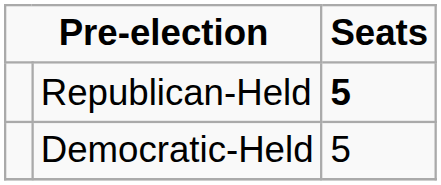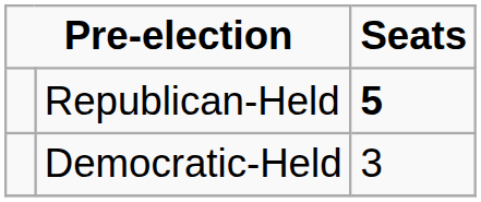 <table class= "wikitable">
 <tr>
 <td colspan= "2" rowspan= "1" align= "center" valign= "top"><strong>Pre-election</strong></td>
 <td valign= "top"><strong>Seats</strong><br></td>
 </tr>
 <tr>
 <td style="background-color:"> </td>
 <td>Republican-Held</td>
 <td><strong>5</strong></td>
 </tr>
 <tr>
 <td style="background-color:"> </td>
 <td>Democratic-Held</td>
-<td>5</td>
+<td>3</td>
 </tr>
 <tr>
 </tr>
 </table>
